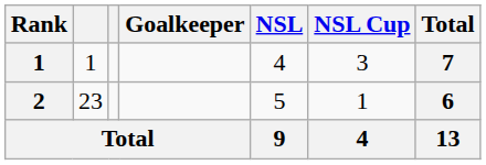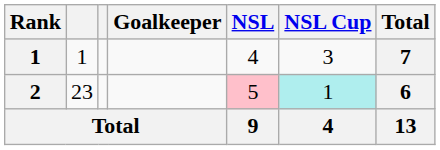 <table class="wikitable sortable" style="text-align:center">
 <tr>
 <th>Rank</th>
 <th></th>
 <th></th>
 <th>Goalkeeper</th>
 <th><a href='#'>NSL</a></th>
 <th><a href='#'>NSL Cup</a></th>
 <th>Total</th>
 </tr>
 <tr>
 <th>1</th>
 <td>1</td>
 <td></td>
 <td align="left"></td>
 <td>4</td>
 <td>3</td>
 <th>7</th>
 </tr>
 <tr>
 <th>2</th>
 <td>23</td>
 <td></td>
 <td align="left"></td>
-<td>5</td>
-<td>1</td>
+<td style="background: pink;">5</td>
+<td style="background: paleturquoise;">1</td>
 <th>6</th>
 </tr>
 <tr>
 <th colspan="4">Total</th>
 <th>9</th>
 <th>4</th>
 <th>13</th>
 </tr>
 </table>
